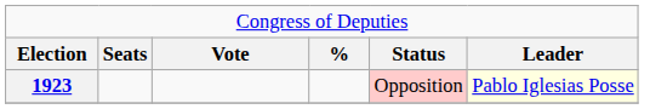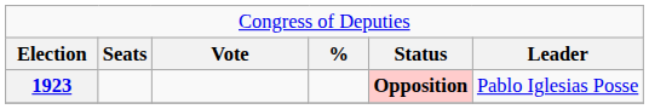 <table class="wikitable" style="font-size:97%;">
 <tr>
 <td align="center" colspan="6"><a href='#'>Congress of Deputies</a></td>
 </tr>
 <tr>
 <th width="65">Election</th>
 <th>Seats</th>
 <th width="115">Vote</th>
 <th width="40">%</th>
 <th>Status</th>
 <th>Leader</th>
 </tr>
 <tr>
 <th><a href='#'>1923</a></th>
 <td></td>
 <td></td>
 <td></td>
-<td style="background-color:#fcc;">Opposition</td>
-<td style="background: lightyellow;"><a href='#'>Pablo Iglesias Posse</a></td>
+<td style="background-color:#fcc;"><strong>Opposition</strong></td>
+<td><a href='#'>Pablo Iglesias Posse</a></td>
 </tr>
 <tr>
 </tr>
 </table>
